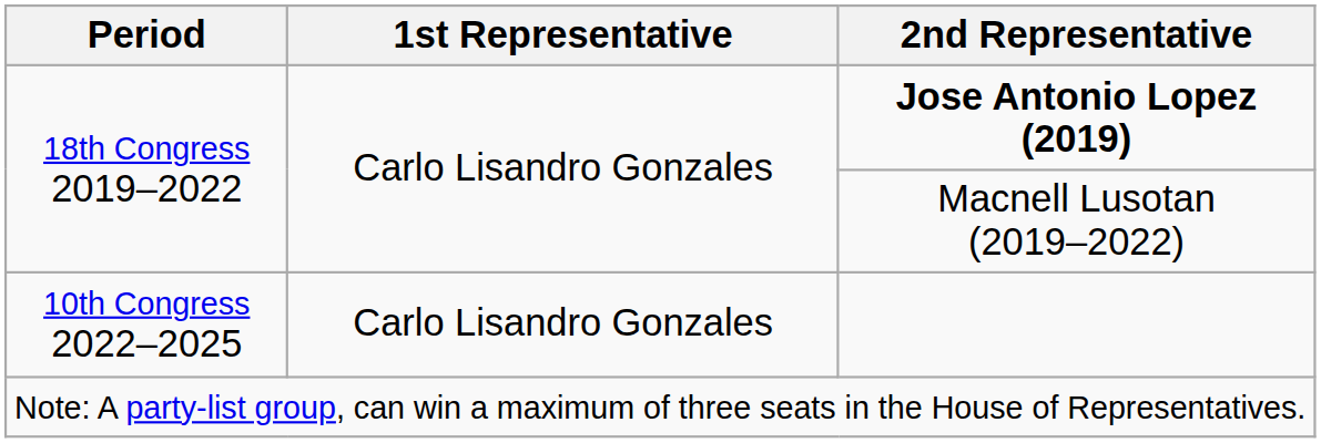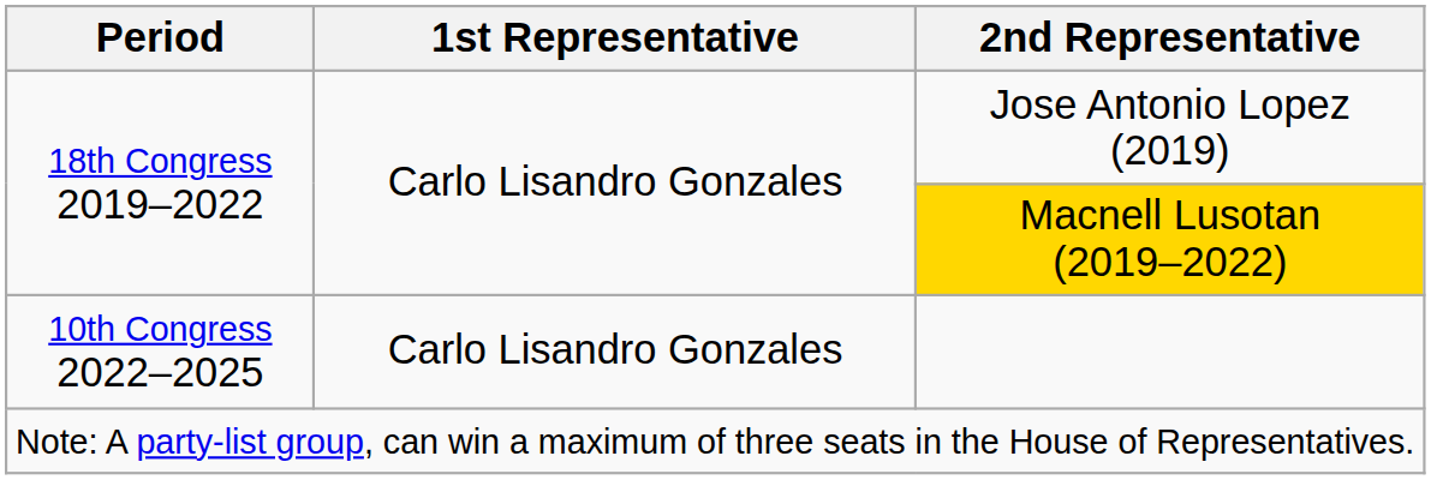 <table class="wikitable"; style="text-align:center">
 <tr>
 <th>Period</th>
 <th>1st Representative</th>
 <th>2nd Representative</th>
 </tr>
 <tr>
 <td rowspan=2><small><a href='#'>18th Congress</a></small><br>2019–2022</td>
 <td rowspan=2>Carlo Lisandro Gonzales</td>
-<td><strong>Jose Antonio Lopez<br>(2019)</strong></td>
+<td>Jose Antonio Lopez<br>(2019)</td>
 </tr>
 <tr>
-<td>Macnell Lusotan<br>(2019–2022)</td>
+<td style="background: gold;">Macnell Lusotan<br>(2019–2022)</td>
 </tr>
 <tr>
 <td><small><a href='#'>10th Congress</a></small><br>2022–2025</td>
 <td>Carlo Lisandro Gonzales</td>
 <td></td>
 </tr>
 <tr>
 <td colspan=3><small>Note: A <a href='#'>party-list group</a>, can win a maximum of three seats in the House of Representatives.</small></td>
 </tr>
 </table>
